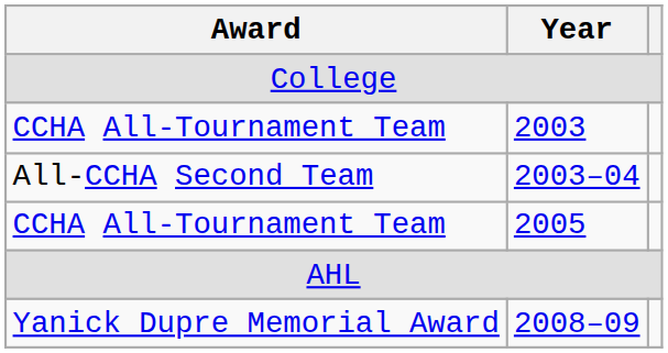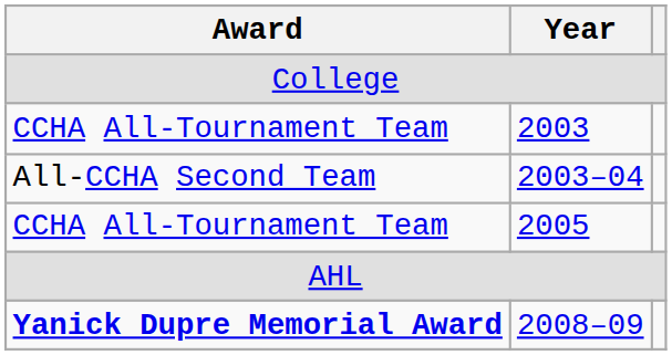 <table class="wikitable">
 <tr>
 <th>Award</th>
 <th>Year</th>
 <th></th>
 </tr>
 <tr ALIGN="center" bgcolor="#e0e0e0">
 <td colspan="3"><a href='#'>College</a></td>
 </tr>
 <tr>
 <td><a href='#'>CCHA</a> <a href='#'>All-Tournament Team</a></td>
 <td><a href='#'>2003</a></td>
 <td></td>
 </tr>
 <tr>
 <td>All-<a href='#'>CCHA</a> <a href='#'>Second Team</a></td>
 <td><a href='#'>2003–04</a></td>
 <td></td>
 </tr>
 <tr>
 <td><a href='#'>CCHA</a> <a href='#'>All-Tournament Team</a></td>
 <td><a href='#'>2005</a></td>
 <td></td>
 </tr>
 <tr ALIGN="center" bgcolor="#e0e0e0">
 <td colspan="3"><a href='#'>AHL</a></td>
 </tr>
 <tr>
-<td><a href='#'>Yanick Dupre Memorial Award</a></td>
+<td><strong><a href='#'>Yanick Dupre Memorial Award</a></strong></td>
 <td><a href='#'>2008–09</a></td>
 <td></td>
 </tr>
 </table>
